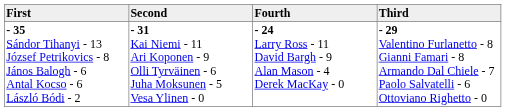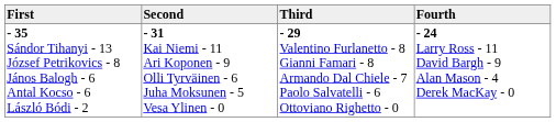 <table border=1 cellpadding=2 cellspacing=0 width=75% style="border-collapse:collapse">
 <tr align=left style="background:#efefef;">
 <th width=20%>First</th>
 <th width=20%>Second</th>
+<th width=20%>Third</th>
 <th width=20%>Fourth</th>
-<th width=20%>Third</th>
 </tr>
 <tr align=left>
 <td valign=top><strong> - 35</strong><br><a href='#'>Sándor Tihanyi</a> - 13 <br><a href='#'>József Petrikovics</a> - 8 <br><a href='#'>János Balogh</a> - 6 <br><a href='#'>Antal Kocso</a> - 6 <br><a href='#'>László Bódi</a> - 2</td>
 <td valign=top><strong> - 31</strong><br><a href='#'>Kai Niemi</a> - 11 <br><a href='#'>Ari Koponen</a> - 9 <br><a href='#'>Olli Tyrväinen</a> - 6 <br><a href='#'>Juha Moksunen</a> - 5 <br><a href='#'>Vesa Ylinen</a> - 0</td>
+<td valign=top><strong> - 29</strong><br><a href='#'>Valentino Furlanetto</a> - 8 <br><a href='#'>Gianni Famari</a> - 8 <br><a href='#'>Armando Dal Chiele</a> - 7 <br><a href='#'>Paolo Salvatelli</a> - 6 <br><a href='#'>Ottoviano Righetto</a> - 0</td>
 <td valign=top><strong> - 24</strong><br><a href='#'>Larry Ross</a> - 11 <br><a href='#'>David Bargh</a> - 9 <br><a href='#'>Alan Mason</a> - 4 <br><a href='#'>Derek MacKay</a> - 0</td>
-<td valign=top><strong> - 29</strong><br><a href='#'>Valentino Furlanetto</a> - 8 <br><a href='#'>Gianni Famari</a> - 8 <br><a href='#'>Armando Dal Chiele</a> - 7 <br><a href='#'>Paolo Salvatelli</a> - 6 <br><a href='#'>Ottoviano Righetto</a> - 0</td>
 </tr>
 </table>
